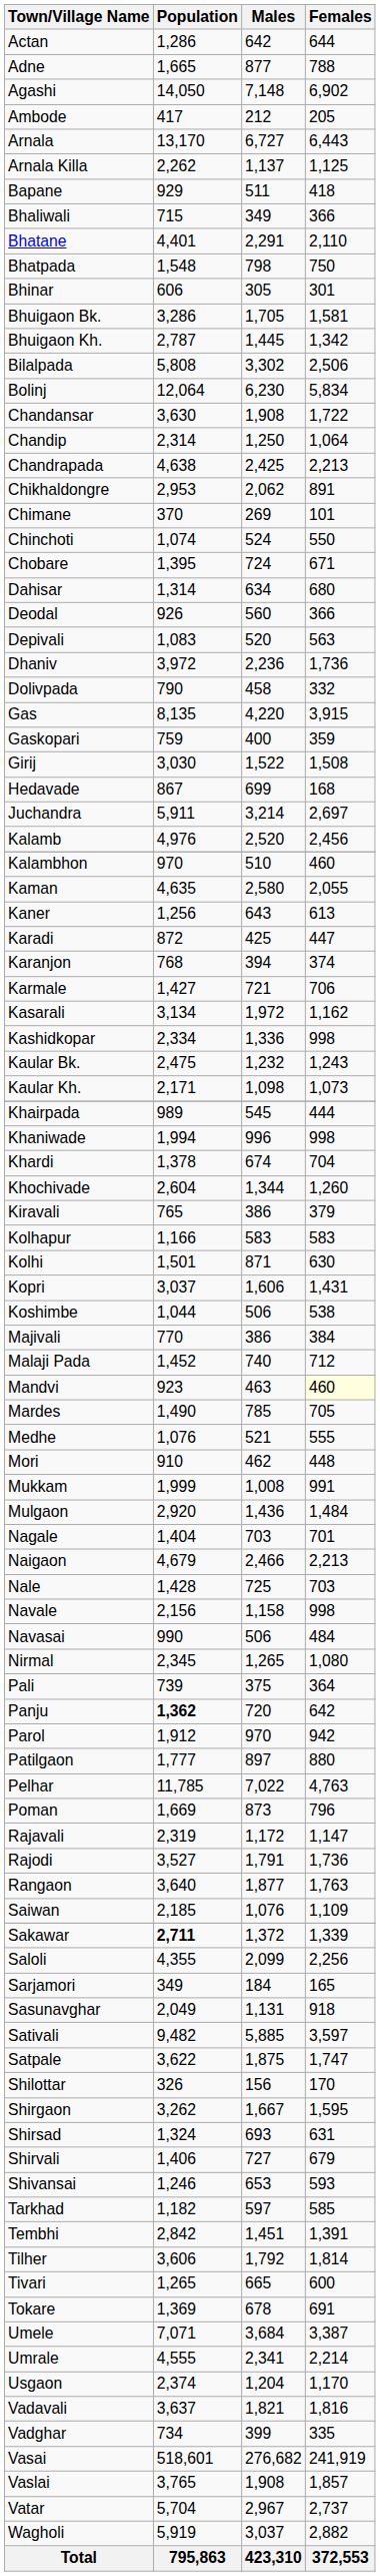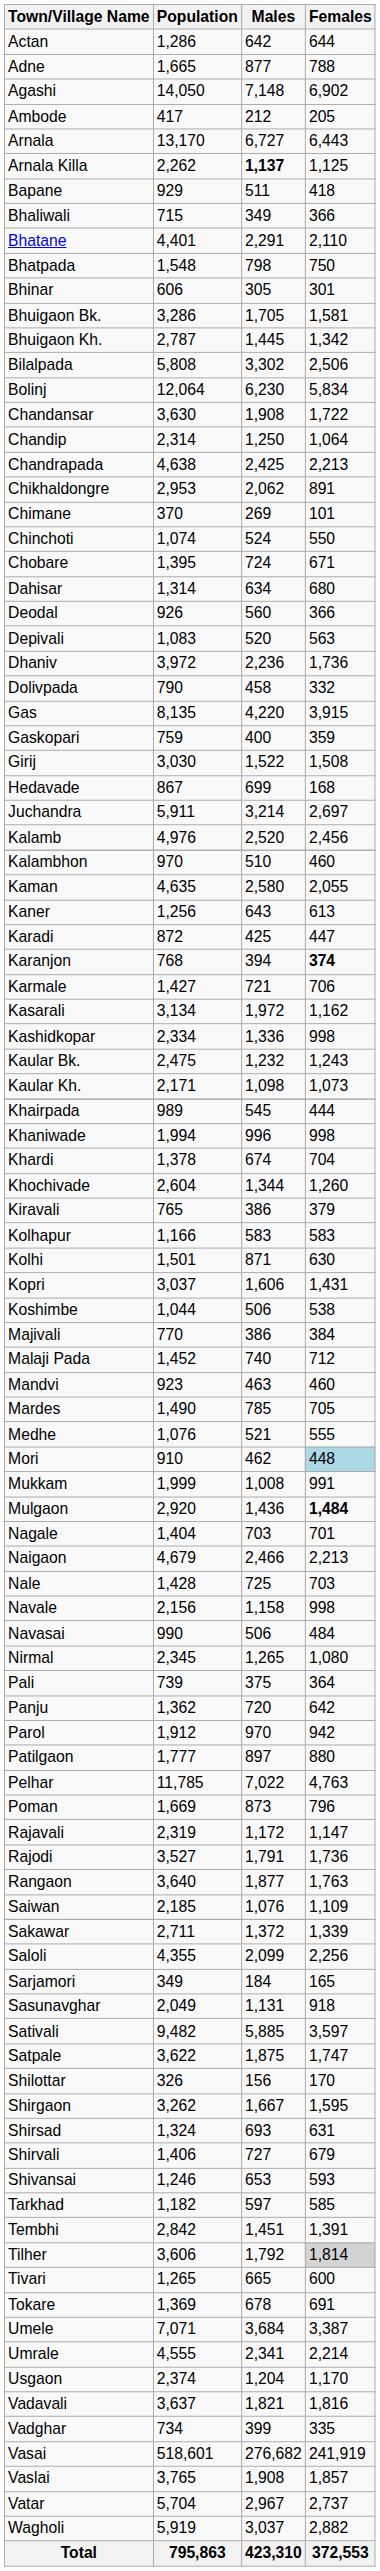 <table class="wikitable sortable collapsible collapsed">
 <tr>
 <th>Town/Village Name</th>
 <th>Population</th>
 <th>Males</th>
 <th>Females</th>
 </tr>
 <tr>
 <td>Actan</td>
 <td>1,286</td>
 <td>642</td>
 <td>644</td>
 </tr>
 <tr>
 <td>Adne</td>
 <td>1,665</td>
 <td>877</td>
 <td>788</td>
 </tr>
 <tr>
 <td>Agashi</td>
 <td>14,050</td>
 <td>7,148</td>
 <td>6,902</td>
 </tr>
 <tr>
 <td>Ambode</td>
 <td>417</td>
 <td>212</td>
 <td>205</td>
 </tr>
 <tr>
 <td>Arnala</td>
 <td>13,170</td>
 <td>6,727</td>
 <td>6,443</td>
 </tr>
 <tr>
 <td>Arnala Killa</td>
 <td>2,262</td>
-<td>1,137</td>
+<td><strong>1,137</strong></td>
 <td>1,125</td>
 </tr>
 <tr>
 <td>Bapane</td>
 <td>929</td>
 <td>511</td>
 <td>418</td>
 </tr>
 <tr>
 <td>Bhaliwali</td>
 <td>715</td>
 <td>349</td>
 <td>366</td>
 </tr>
 <tr>
 <td><a href='#'>Bhatane</a></td>
 <td>4,401</td>
 <td>2,291</td>
 <td>2,110</td>
 </tr>
 <tr>
 <td>Bhatpada</td>
 <td>1,548</td>
 <td>798</td>
 <td>750</td>
 </tr>
 <tr>
 <td>Bhinar</td>
 <td>606</td>
 <td>305</td>
 <td>301</td>
 </tr>
 <tr>
 <td>Bhuigaon Bk.</td>
 <td>3,286</td>
 <td>1,705</td>
 <td>1,581</td>
 </tr>
 <tr>
 <td>Bhuigaon Kh.</td>
 <td>2,787</td>
 <td>1,445</td>
 <td>1,342</td>
 </tr>
 <tr>
 <td>Bilalpada</td>
 <td>5,808</td>
 <td>3,302</td>
 <td>2,506</td>
 </tr>
 <tr>
 <td>Bolinj</td>
 <td>12,064</td>
 <td>6,230</td>
 <td>5,834</td>
 </tr>
 <tr>
 <td>Chandansar</td>
 <td>3,630</td>
 <td>1,908</td>
 <td>1,722</td>
 </tr>
 <tr>
 <td>Chandip</td>
 <td>2,314</td>
 <td>1,250</td>
 <td>1,064</td>
 </tr>
 <tr>
 <td>Chandrapada</td>
 <td>4,638</td>
 <td>2,425</td>
 <td>2,213</td>
 </tr>
 <tr>
 <td>Chikhaldongre</td>
 <td>2,953</td>
 <td>2,062</td>
 <td>891</td>
 </tr>
 <tr>
 <td>Chimane</td>
 <td>370</td>
 <td>269</td>
 <td>101</td>
 </tr>
 <tr>
 <td>Chinchoti</td>
 <td>1,074</td>
 <td>524</td>
 <td>550</td>
 </tr>
 <tr>
 <td>Chobare</td>
 <td>1,395</td>
 <td>724</td>
 <td>671</td>
 </tr>
 <tr>
 <td>Dahisar</td>
 <td>1,314</td>
 <td>634</td>
 <td>680</td>
 </tr>
 <tr>
 <td>Deodal</td>
 <td>926</td>
 <td>560</td>
 <td>366</td>
 </tr>
 <tr>
 <td>Depivali</td>
 <td>1,083</td>
 <td>520</td>
 <td>563</td>
 </tr>
 <tr>
 <td>Dhaniv</td>
 <td>3,972</td>
 <td>2,236</td>
 <td>1,736</td>
 </tr>
 <tr>
 <td>Dolivpada</td>
 <td>790</td>
 <td>458</td>
 <td>332</td>
 </tr>
 <tr>
 <td>Gas</td>
 <td>8,135</td>
 <td>4,220</td>
 <td>3,915</td>
 </tr>
 <tr>
 <td>Gaskopari</td>
 <td>759</td>
 <td>400</td>
 <td>359</td>
 </tr>
 <tr>
 <td>Girij</td>
 <td>3,030</td>
 <td>1,522</td>
 <td>1,508</td>
 </tr>
 <tr>
 <td>Hedavade</td>
 <td>867</td>
 <td>699</td>
 <td>168</td>
 </tr>
 <tr>
 <td>Juchandra</td>
 <td>5,911</td>
 <td>3,214</td>
 <td>2,697</td>
 </tr>
 <tr>
 <td>Kalamb</td>
 <td>4,976</td>
 <td>2,520</td>
 <td>2,456</td>
 </tr>
 <tr>
 </tr>
 <tr>
 <td>Kalambhon</td>
 <td>970</td>
 <td>510</td>
 <td>460</td>
 </tr>
 <tr>
 <td>Kaman</td>
 <td>4,635</td>
 <td>2,580</td>
 <td>2,055</td>
 </tr>
 <tr>
 <td>Kaner</td>
 <td>1,256</td>
 <td>643</td>
 <td>613</td>
 </tr>
 <tr>
 <td>Karadi</td>
 <td>872</td>
 <td>425</td>
 <td>447</td>
 </tr>
 <tr>
 <td>Karanjon</td>
 <td>768</td>
 <td>394</td>
-<td>374</td>
+<td><strong>374</strong></td>
 </tr>
 <tr>
 <td>Karmale</td>
 <td>1,427</td>
 <td>721</td>
 <td>706</td>
 </tr>
 <tr>
 <td>Kasarali</td>
 <td>3,134</td>
 <td>1,972</td>
 <td>1,162</td>
 </tr>
 <tr>
 <td>Kashidkopar</td>
 <td>2,334</td>
 <td>1,336</td>
 <td>998</td>
 </tr>
 <tr>
 <td>Kaular Bk.</td>
 <td>2,475</td>
 <td>1,232</td>
 <td>1,243</td>
 </tr>
 <tr>
 <td>Kaular Kh.</td>
 <td>2,171</td>
 <td>1,098</td>
 <td>1,073</td>
 </tr>
 <tr>
 </tr>
 <tr>
 <td>Khairpada</td>
 <td>989</td>
 <td>545</td>
 <td>444</td>
 </tr>
 <tr>
 <td>Khaniwade</td>
 <td>1,994</td>
 <td>996</td>
 <td>998</td>
 </tr>
 <tr>
 <td>Khardi</td>
 <td>1,378</td>
 <td>674</td>
 <td>704</td>
 </tr>
 <tr>
 <td>Khochivade</td>
 <td>2,604</td>
 <td>1,344</td>
 <td>1,260</td>
 </tr>
 <tr>
 <td>Kiravali</td>
 <td>765</td>
 <td>386</td>
 <td>379</td>
 </tr>
 <tr>
 <td>Kolhapur</td>
 <td>1,166</td>
 <td>583</td>
 <td>583</td>
 </tr>
 <tr>
 <td>Kolhi</td>
 <td>1,501</td>
 <td>871</td>
 <td>630</td>
 </tr>
 <tr>
 <td>Kopri</td>
 <td>3,037</td>
 <td>1,606</td>
 <td>1,431</td>
 </tr>
 <tr>
 <td>Koshimbe</td>
 <td>1,044</td>
 <td>506</td>
 <td>538</td>
 </tr>
 <tr>
 <td>Majivali</td>
 <td>770</td>
 <td>386</td>
 <td>384</td>
 </tr>
 <tr>
 <td>Malaji Pada</td>
 <td>1,452</td>
 <td>740</td>
 <td>712</td>
 </tr>
 <tr>
 <td>Mandvi</td>
 <td>923</td>
 <td>463</td>
-<td style="background: lightyellow;">460</td>
+<td>460</td>
 </tr>
 <tr>
 <td>Mardes</td>
 <td>1,490</td>
 <td>785</td>
 <td>705</td>
 </tr>
 <tr>
 <td>Medhe</td>
 <td>1,076</td>
 <td>521</td>
 <td>555</td>
 </tr>
 <tr>
 <td>Mori</td>
 <td>910</td>
 <td>462</td>
-<td>448</td>
+<td style="background: lightblue;">448</td>
 </tr>
 <tr>
 <td>Mukkam</td>
 <td>1,999</td>
 <td>1,008</td>
 <td>991</td>
 </tr>
 <tr>
 <td>Mulgaon</td>
 <td>2,920</td>
 <td>1,436</td>
-<td>1,484</td>
+<td><strong>1,484</strong></td>
 </tr>
 <tr>
 <td>Nagale</td>
 <td>1,404</td>
 <td>703</td>
 <td>701</td>
 </tr>
 <tr>
 <td>Naigaon</td>
 <td>4,679</td>
 <td>2,466</td>
 <td>2,213</td>
 </tr>
 <tr>
 <td>Nale</td>
 <td>1,428</td>
 <td>725</td>
 <td>703</td>
 </tr>
 <tr>
 <td>Navale</td>
 <td>2,156</td>
 <td>1,158</td>
 <td>998</td>
 </tr>
 <tr>
 <td>Navasai</td>
 <td>990</td>
 <td>506</td>
 <td>484</td>
 </tr>
 <tr>
 <td>Nirmal</td>
 <td>2,345</td>
 <td>1,265</td>
 <td>1,080</td>
 </tr>
 <tr>
 <td>Pali</td>
 <td>739</td>
 <td>375</td>
 <td>364</td>
 </tr>
 <tr>
 <td>Panju</td>
-<td><strong>1,362</strong></td>
+<td>1,362</td>
 <td>720</td>
 <td>642</td>
 </tr>
 <tr>
 <td>Parol</td>
 <td>1,912</td>
 <td>970</td>
 <td>942</td>
 </tr>
 <tr>
 <td>Patilgaon</td>
 <td>1,777</td>
 <td>897</td>
 <td>880</td>
 </tr>
 <tr>
 <td>Pelhar</td>
 <td>11,785</td>
 <td>7,022</td>
 <td>4,763</td>
 </tr>
 <tr>
 <td>Poman</td>
 <td>1,669</td>
 <td>873</td>
 <td>796</td>
 </tr>
 <tr>
 <td>Rajavali</td>
 <td>2,319</td>
 <td>1,172</td>
 <td>1,147</td>
 </tr>
 <tr>
 <td>Rajodi</td>
 <td>3,527</td>
 <td>1,791</td>
 <td>1,736</td>
 </tr>
 <tr>
 <td>Rangaon</td>
 <td>3,640</td>
 <td>1,877</td>
 <td>1,763</td>
 </tr>
 <tr>
 <td>Saiwan</td>
 <td>2,185</td>
 <td>1,076</td>
 <td>1,109</td>
 </tr>
 <tr>
 </tr>
 <tr>
 <td>Sakawar</td>
-<td><strong>2,711</strong></td>
+<td>2,711</td>
 <td>1,372</td>
 <td>1,339</td>
 </tr>
 <tr>
 <td>Saloli</td>
 <td>4,355</td>
 <td>2,099</td>
 <td>2,256</td>
 </tr>
 <tr>
 <td>Sarjamori</td>
 <td>349</td>
 <td>184</td>
 <td>165</td>
 </tr>
 <tr>
 <td>Sasunavghar</td>
 <td>2,049</td>
 <td>1,131</td>
 <td>918</td>
 </tr>
 <tr>
 <td>Sativali</td>
 <td>9,482</td>
 <td>5,885</td>
 <td>3,597</td>
 </tr>
 <tr>
 <td>Satpale</td>
 <td>3,622</td>
 <td>1,875</td>
 <td>1,747</td>
 </tr>
 <tr>
 <td>Shilottar</td>
 <td>326</td>
 <td>156</td>
 <td>170</td>
 </tr>
 <tr>
 <td>Shirgaon</td>
 <td>3,262</td>
 <td>1,667</td>
 <td>1,595</td>
 </tr>
 <tr>
 <td>Shirsad</td>
 <td>1,324</td>
 <td>693</td>
 <td>631</td>
 </tr>
 <tr>
 <td>Shirvali</td>
 <td>1,406</td>
 <td>727</td>
 <td>679</td>
 </tr>
 <tr>
 <td>Shivansai</td>
 <td>1,246</td>
 <td>653</td>
 <td>593</td>
 </tr>
 <tr>
 <td>Tarkhad</td>
 <td>1,182</td>
 <td>597</td>
 <td>585</td>
 </tr>
 <tr>
 <td>Tembhi</td>
 <td>2,842</td>
 <td>1,451</td>
 <td>1,391</td>
 </tr>
 <tr>
 <td>Tilher</td>
 <td>3,606</td>
 <td>1,792</td>
-<td>1,814</td>
+<td style="background: lightgrey;">1,814</td>
 </tr>
 <tr>
 <td>Tivari</td>
 <td>1,265</td>
 <td>665</td>
 <td>600</td>
 </tr>
 <tr>
 <td>Tokare</td>
 <td>1,369</td>
 <td>678</td>
 <td>691</td>
 </tr>
 <tr>
 <td>Umele</td>
 <td>7,071</td>
 <td>3,684</td>
 <td>3,387</td>
 </tr>
 <tr>
 <td>Umrale</td>
 <td>4,555</td>
 <td>2,341</td>
 <td>2,214</td>
 </tr>
 <tr>
 <td>Usgaon</td>
 <td>2,374</td>
 <td>1,204</td>
 <td>1,170</td>
 </tr>
 <tr>
 <td>Vadavali</td>
 <td>3,637</td>
 <td>1,821</td>
 <td>1,816</td>
 </tr>
 <tr>
 <td>Vadghar</td>
 <td>734</td>
 <td>399</td>
 <td>335</td>
 </tr>
 <tr>
 <td>Vasai</td>
 <td>518,601</td>
 <td>276,682</td>
 <td>241,919</td>
 </tr>
 <tr>
 <td>Vaslai</td>
 <td>3,765</td>
 <td>1,908</td>
 <td>1,857</td>
 </tr>
 <tr>
 <td>Vatar</td>
 <td>5,704</td>
 <td>2,967</td>
 <td>2,737</td>
 </tr>
 <tr>
 <td>Wagholi</td>
 <td>5,919</td>
 <td>3,037</td>
 <td>2,882</td>
 </tr>
 <tr>
 <th>Total</th>
 <th>795,863</th>
 <th>423,310</th>
 <th>372,553</th>
 </tr>
 </table>
